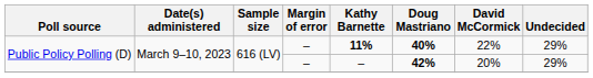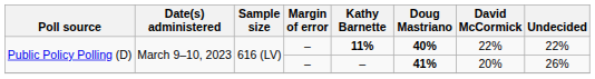 <table class="wikitable" style="font-size:90%;text-align:center;">
 <tr valign=bottom>
 <th>Poll source</th>
 <th>Date(s)<br>administered</th>
 <th>Sample<br>size</th>
 <th>Margin<br>of error</th>
 <th style="width:70px;">Kathy<br>Barnette</th>
 <th style="width:70px;">Doug<br>Mastriano</th>
 <th style="width:70px;">David<br>McCormick</th>
 <th>Undecided</th>
 </tr>
 <tr>
 <td style="text-align:left;" rowspan="2"><a href='#'>Public Policy Polling</a> (D)</td>
 <td rowspan="2">March 9–10, 2023</td>
 <td rowspan="2">616 (LV)</td>
 <td>–</td>
 <td><strong>11%</strong></td>
 <td><strong>40%</strong></td>
 <td>22%</td>
-<td>29%</td>
+<td>22%</td>
 </tr>
 <tr>
 <td>–</td>
 <td>–</td>
-<td><strong>42%</strong></td>
+<td><strong>41%</strong></td>
 <td>20%</td>
-<td>29%</td>
+<td>26%</td>
 </tr>
 <tr>
 </tr>
 </table>
